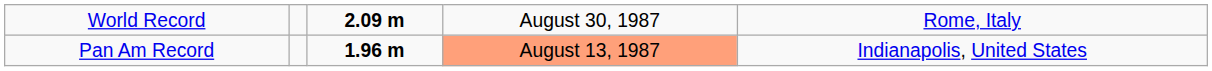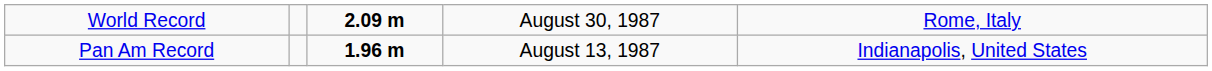 <table class="wikitable" style=" text-align:center; font-size:95%;" width="75%">
 <tr>
 <td><a href='#'>World Record</a></td>
 <td></td>
 <td><strong>2.09 m </strong></td>
 <td>August 30, 1987</td>
 <td> <a href='#'>Rome, Italy</a></td>
 </tr>
 <tr>
 <td><a href='#'>Pan Am Record</a></td>
 <td></td>
 <td><strong>1.96 m </strong></td>
-<td style="background: lightsalmon;">August 13, 1987</td>
+<td>August 13, 1987</td>
 <td> <a href='#'>Indianapolis</a>, <a href='#'>United States</a></td>
 </tr>
 </table>
